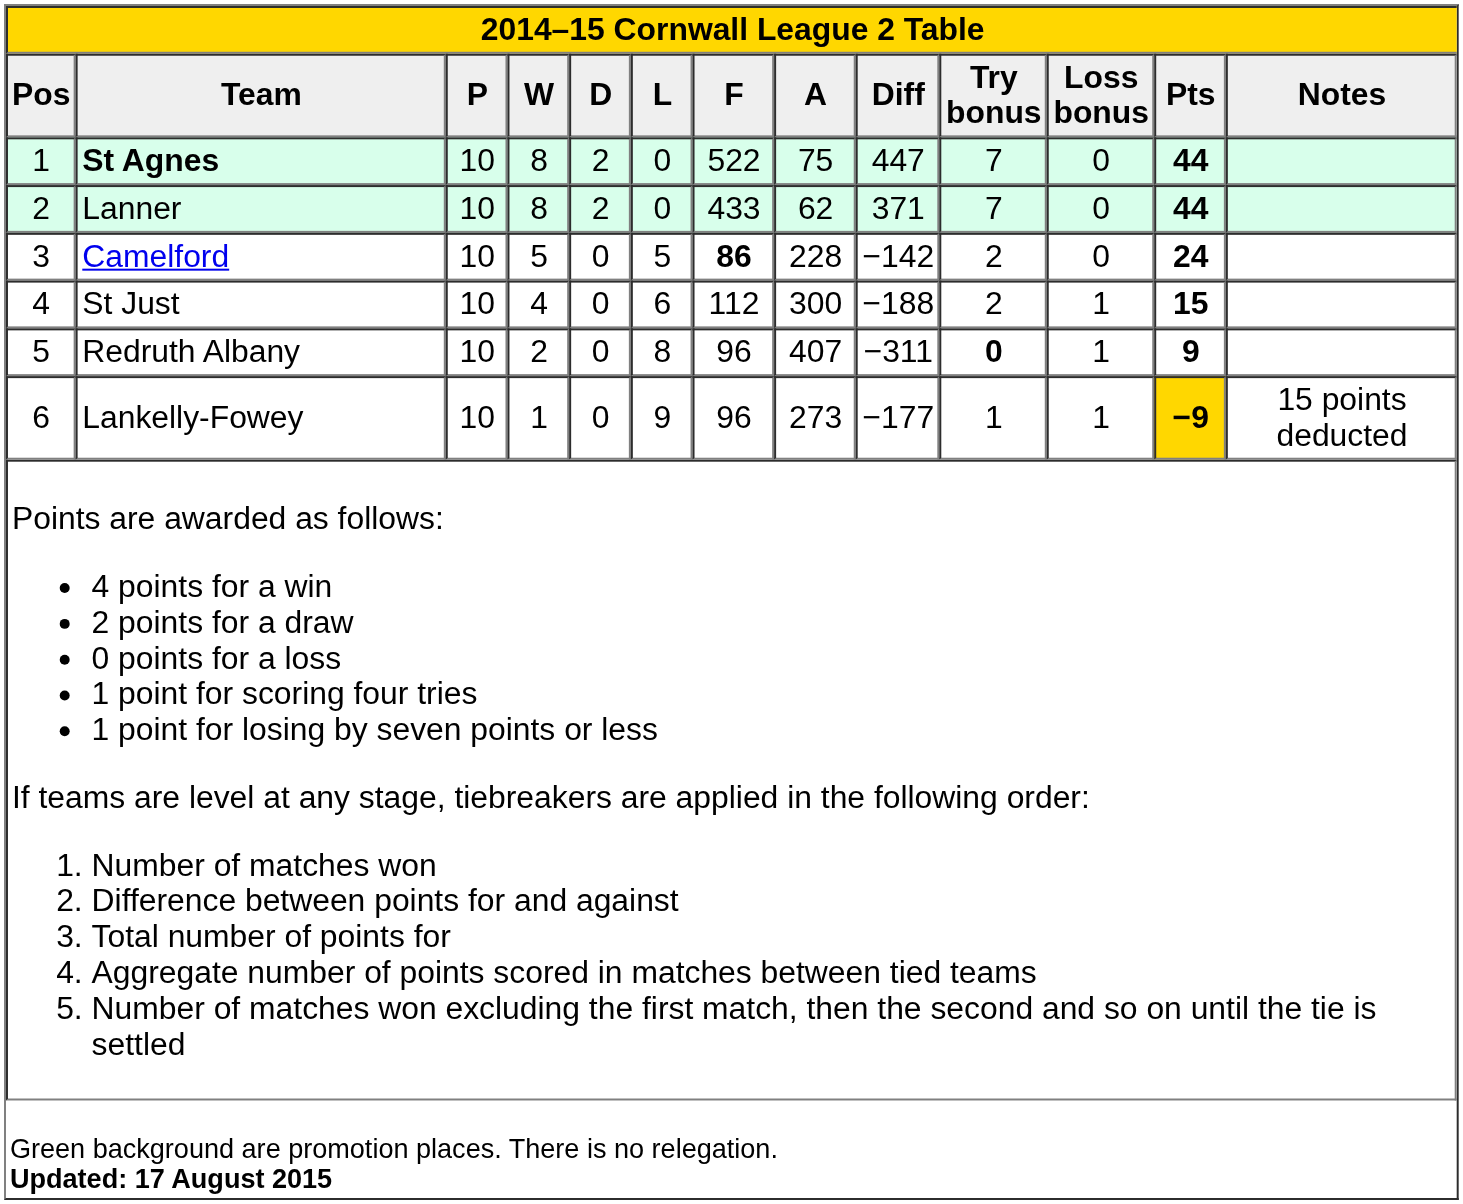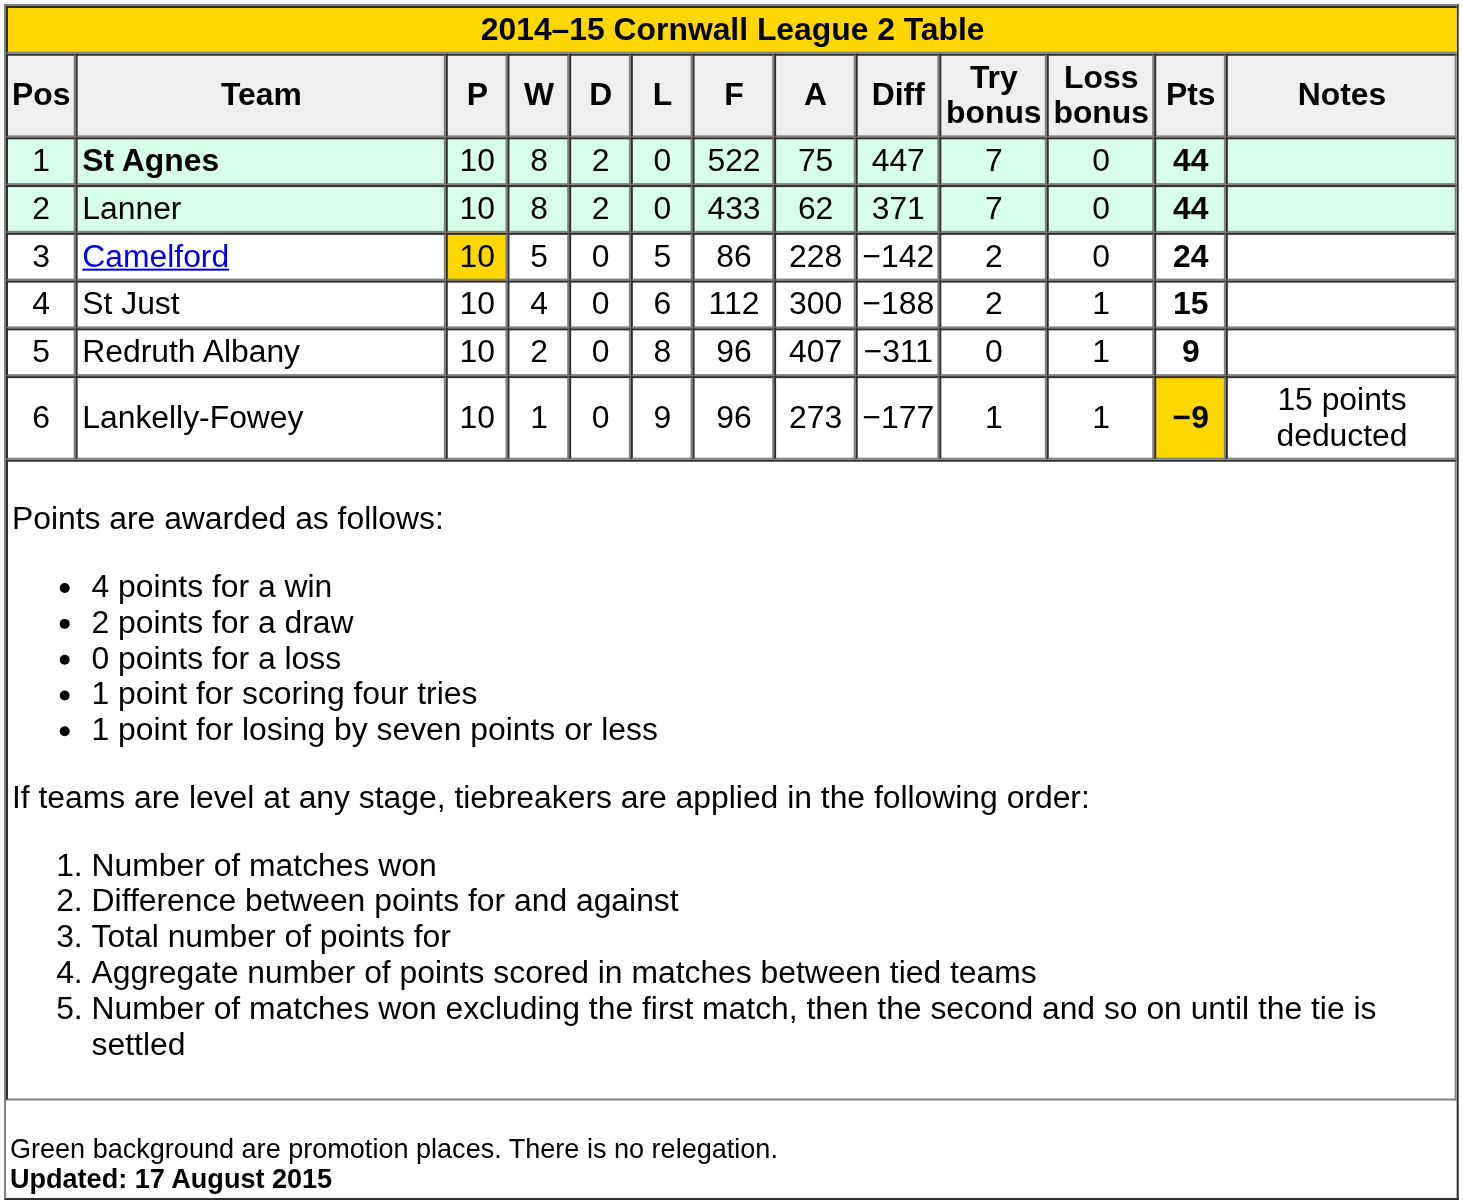 <table border="1" cellpadding="2" cellspacing="0">
 <tr bgcolor="gold">
 <th colspan=13 style="border-right:0px;";>2014–15 Cornwall League 2 Table</th>
 </tr>
 <tr bgcolor="#efefef">
 <th width="20">Pos</th>
 <th width="180">Team</th>
 <th width="25">P</th>
 <th width="25">W</th>
 <th width="25">D</th>
 <th width="25">L</th>
 <th width="35">F</th>
 <th width="35">A</th>
 <th width="35">Diff</th>
 <th width="35">Try bonus</th>
 <th width="35">Loss bonus</th>
 <th width="30">Pts</th>
 <th width="110">Notes</th>
 </tr>
 <tr bgcolor=#d8ffeb align=center>
 <td>1</td>
 <td align=left><strong>St Agnes</strong></td>
 <td>10</td>
 <td>8</td>
 <td>2</td>
 <td>0</td>
 <td>522</td>
 <td>75</td>
 <td>447</td>
 <td>7</td>
 <td>0</td>
 <td><strong>44</strong></td>
 <td></td>
 </tr>
 <tr bgcolor=#d8ffeb align=center>
 <td>2</td>
 <td align=left>Lanner</td>
 <td>10</td>
 <td>8</td>
 <td>2</td>
 <td>0</td>
 <td>433</td>
 <td>62</td>
 <td>371</td>
 <td>7</td>
 <td>0</td>
 <td><strong>44</strong></td>
 <td></td>
 </tr>
 <tr align=center>
 <td>3</td>
 <td align=left><a href='#'>Camelford</a></td>
-<td>10</td>
+<td style="background: gold;">10</td>
 <td>5</td>
 <td>0</td>
 <td>5</td>
-<td><strong>86</strong></td>
+<td>86</td>
 <td>228</td>
 <td>−142</td>
 <td>2</td>
 <td>0</td>
 <td><strong>24</strong></td>
 <td></td>
 </tr>
 <tr align=center>
 <td>4</td>
 <td align=left>St Just</td>
 <td>10</td>
 <td>4</td>
 <td>0</td>
 <td>6</td>
 <td>112</td>
 <td>300</td>
 <td>−188</td>
 <td>2</td>
 <td>1</td>
 <td><strong>15</strong></td>
 <td></td>
 </tr>
 <tr align=center>
 <td>5</td>
 <td align=left>Redruth Albany</td>
 <td>10</td>
 <td>2</td>
 <td>0</td>
 <td>8</td>
 <td>96</td>
 <td>407</td>
 <td>−311</td>
-<td><strong>0</strong></td>
+<td>0</td>
 <td>1</td>
 <td><strong>9</strong></td>
 <td></td>
 </tr>
 <tr align=center>
 <td>6</td>
 <td align=left>Lankelly-Fowey</td>
 <td>10</td>
 <td>1</td>
 <td>0</td>
 <td>9</td>
 <td>96</td>
 <td>273</td>
 <td>−177</td>
 <td>1</td>
 <td>1</td>
 <td style="background: gold;"><strong>−9</strong></td>
 <td>15 points deducted</td>
 </tr>
 <tr align=center>
 </tr>
 <tr bgcolor=#ffffff>
 <td colspan="13"><br>Points are awarded as follows:<ul><li>4 points for a win</li><li>2 points for a draw</li><li>0 points for a loss</li><li>1 point for scoring four tries</li><li>1 point for losing by seven points or less</li></ul>If teams are level at any stage, tiebreakers are applied in the following order:<ol><li>Number of matches won</li><li>Difference between points for and against</li><li>Total number of points for</li><li>Aggregate number of points scored in matches between tied teams</li><li>Number of matches won excluding the first match, then the second and so on until the tie is settled</li></ol></td>
 </tr>
 <tr |align=left|>
 <td colspan="15" style="border:0px;font-size:85%;"><br><span>Green background</span> are promotion places. There is no relegation. <br> <strong>Updated: 17 August 2015</strong></td>
 </tr>
 </table>
